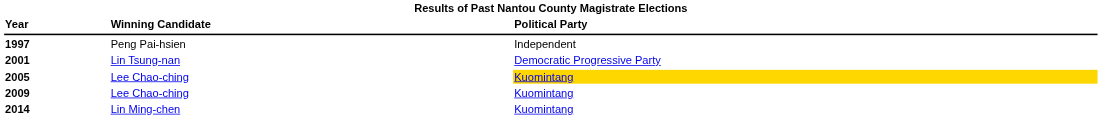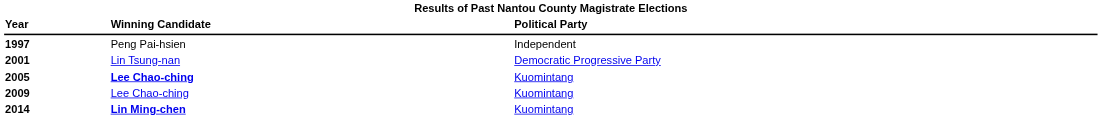 <table id="toc" style="margin:1em auto; width: 90%; font-size: 90%;" cellspacing="3">
 <tr>
 <td colspan="3" align="center"><strong>Results of Past Nantou County Magistrate Elections</strong></td>
 </tr>
 <tr>
 <td><strong>Year</strong></td>
 <td><strong> Winning Candidate</strong></td>
 <td><strong>Political Party</strong></td>
 </tr>
 <tr>
 <th bgcolor="#000000" colspan="5"></th>
 </tr>
 <tr>
 <td><strong>1997</strong></td>
 <td>Peng Pai-hsien</td>
 <td> Independent</td>
 </tr>
 <tr>
 <td><strong>2001</strong></td>
 <td><a href='#'>Lin Tsung-nan</a></td>
 <td> <a href='#'>Democratic Progressive Party</a></td>
 </tr>
 <tr>
 <td><strong>2005</strong></td>
-<td><a href='#'>Lee Chao-ching</a></td>
-<td style="background: gold;"> <a href='#'>Kuomintang</a></td>
+<td><strong><a href='#'>Lee Chao-ching</a></strong></td>
+<td> <a href='#'>Kuomintang</a></td>
 </tr>
 <tr>
 <td><strong>2009</strong></td>
 <td><a href='#'>Lee Chao-ching</a></td>
 <td> <a href='#'>Kuomintang</a></td>
 </tr>
 <tr>
 <td><strong>2014</strong></td>
-<td><a href='#'>Lin Ming-chen</a></td>
+<td><strong><a href='#'>Lin Ming-chen</a></strong></td>
 <td> <a href='#'>Kuomintang</a></td>
 </tr>
 </table>
